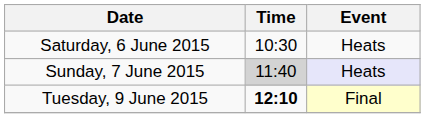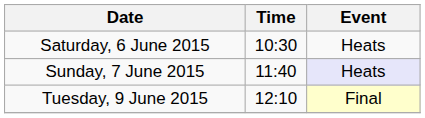 <table class = "wikitable" style="text-align:center;">
 <tr>
 <th width=220>Date</th>
 <th width=50>Time</th>
 <th width=100>Event</th>
 </tr>
 <tr>
 <td>Saturday, 6 June 2015</td>
 <td>10:30</td>
 <td>Heats</td>
 </tr>
 <tr>
 <td>Sunday, 7 June 2015</td>
-<td style="background: lightgrey;">11:40</td>
+<td>11:40</td>
 <td style="background: lavender;">Heats</td>
 </tr>
 <tr>
 <td>Tuesday, 9 June 2015</td>
-<td><strong>12:10</strong></td>
+<td>12:10</td>
 <td bgcolor=ffffcc>Final</td>
 </tr>
 <tr>
 </tr>
 </table>
